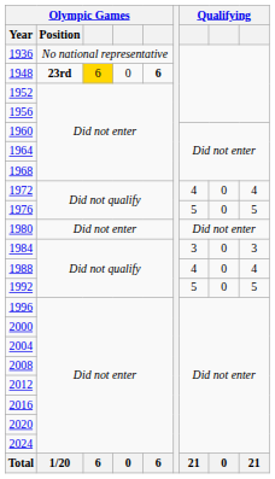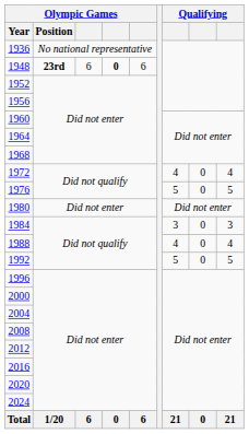 <table class="wikitable" style="text-align: center;font-size:90%;">
 <tr>
 <th colspan=5><a href='#'>Olympic Games</a></th>
 <th rowspan=24></th>
 <th colspan=3><a href='#'>Qualifying</a></th>
 </tr>
 <tr>
 <th>Year</th>
 <th>Position</th>
 <th width=30></th>
 <th width=30></th>
 <th width=30></th>
 <th width=30></th>
 <th width=30></th>
 <th width=30></th>
 </tr>
 <tr>
 <td> <a href='#'>1936</a></td>
 <td colspan=4><em>No national representative</em></td>
 </tr>
 <tr>
 <td> <a href='#'>1948</a></td>
 <td><strong>23rd</strong></td>
-<td style="background: gold;">6</td>
-<td>0</td>
-<td><strong>6</strong></td>
+<td>6</td>
+<td><strong>0</strong></td>
+<td>6</td>
 </tr>
 <tr>
 <td> <a href='#'>1952</a></td>
 <td colspan=4 rowspan=5><em>Did not enter</em></td>
 </tr>
 <tr>
 <td> <a href='#'>1956</a></td>
 </tr>
 <tr>
 <td> <a href='#'>1960</a></td>
 <td colspan=3 rowspan=3><em>Did not enter</em></td>
 </tr>
 <tr>
 <td> <a href='#'>1964</a></td>
 </tr>
 <tr>
 <td> <a href='#'>1968</a></td>
 </tr>
 <tr>
 <td> <a href='#'>1972</a></td>
 <td colspan=4 rowspan=2><em>Did not qualify</em></td>
 <td>4</td>
 <td>0</td>
 <td>4</td>
 </tr>
 <tr>
 <td> <a href='#'>1976</a></td>
 <td>5</td>
 <td>0</td>
 <td>5</td>
 </tr>
 <tr>
 <td> <a href='#'>1980</a></td>
 <td colspan=4><em>Did not enter</em></td>
 <td colspan=3><em>Did not enter</em></td>
 </tr>
 <tr>
 <td> <a href='#'>1984</a></td>
 <td colspan=4 rowspan=3><em>Did not qualify</em></td>
 <td>3</td>
 <td>0</td>
 <td>3</td>
 </tr>
 <tr>
 <td> <a href='#'>1988</a></td>
 <td>4</td>
 <td>0</td>
 <td>4</td>
 </tr>
 <tr>
 <td> <a href='#'>1992</a></td>
 <td>5</td>
 <td>0</td>
 <td>5</td>
 </tr>
 <tr>
 <td> <a href='#'>1996</a></td>
 <td colspan=4 rowspan=8><em>Did not enter</em></td>
 <td colspan=3 rowspan=8><em>Did not enter</em></td>
 </tr>
 <tr>
 <td> <a href='#'>2000</a></td>
 </tr>
 <tr>
 <td> <a href='#'>2004</a></td>
 </tr>
 <tr>
 <td> <a href='#'>2008</a></td>
 </tr>
 <tr>
 <td> <a href='#'>2012</a></td>
 </tr>
 <tr>
 <td> <a href='#'>2016</a></td>
 </tr>
 <tr>
 <td> <a href='#'>2020</a></td>
 </tr>
 <tr>
 <td> <a href='#'>2024</a></td>
 </tr>
 <tr>
 <th>Total</th>
 <th>1/20</th>
 <th>6</th>
 <th>0</th>
 <th>6</th>
 <th>21</th>
 <th>0</th>
 <th>21</th>
 </tr>
 </table>
